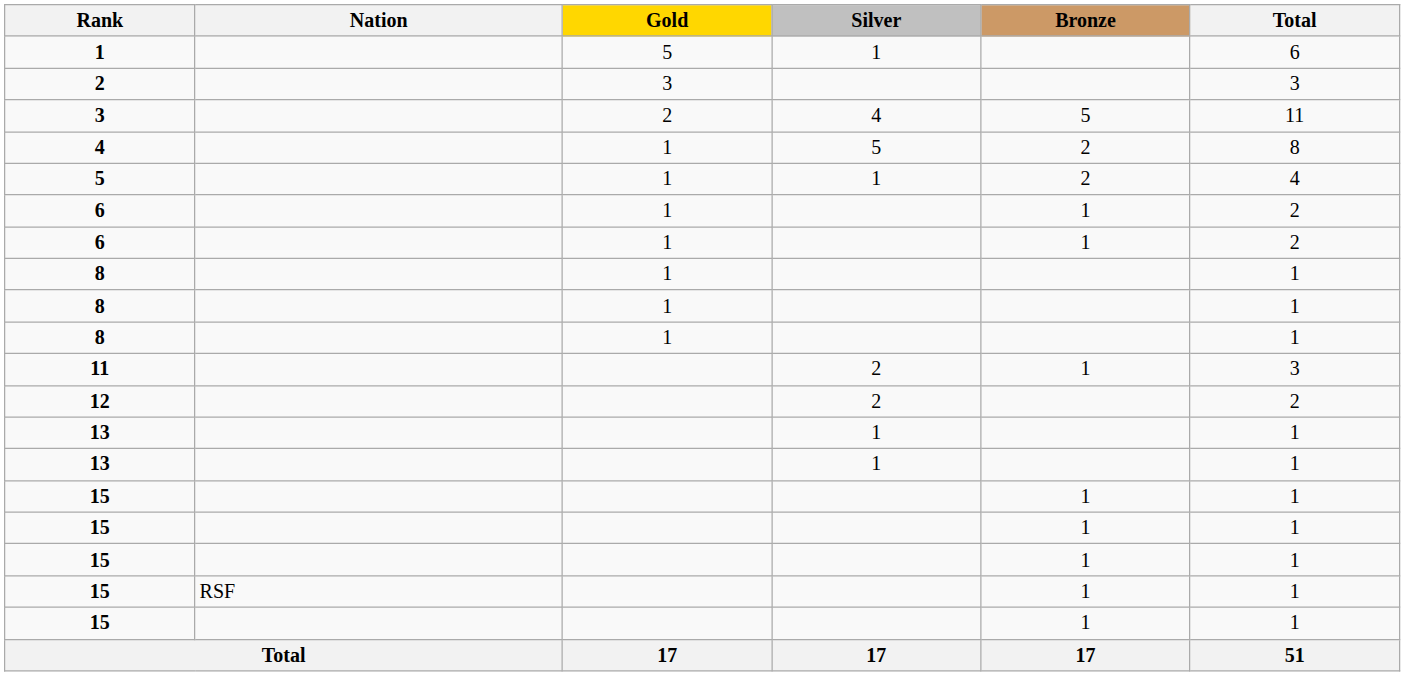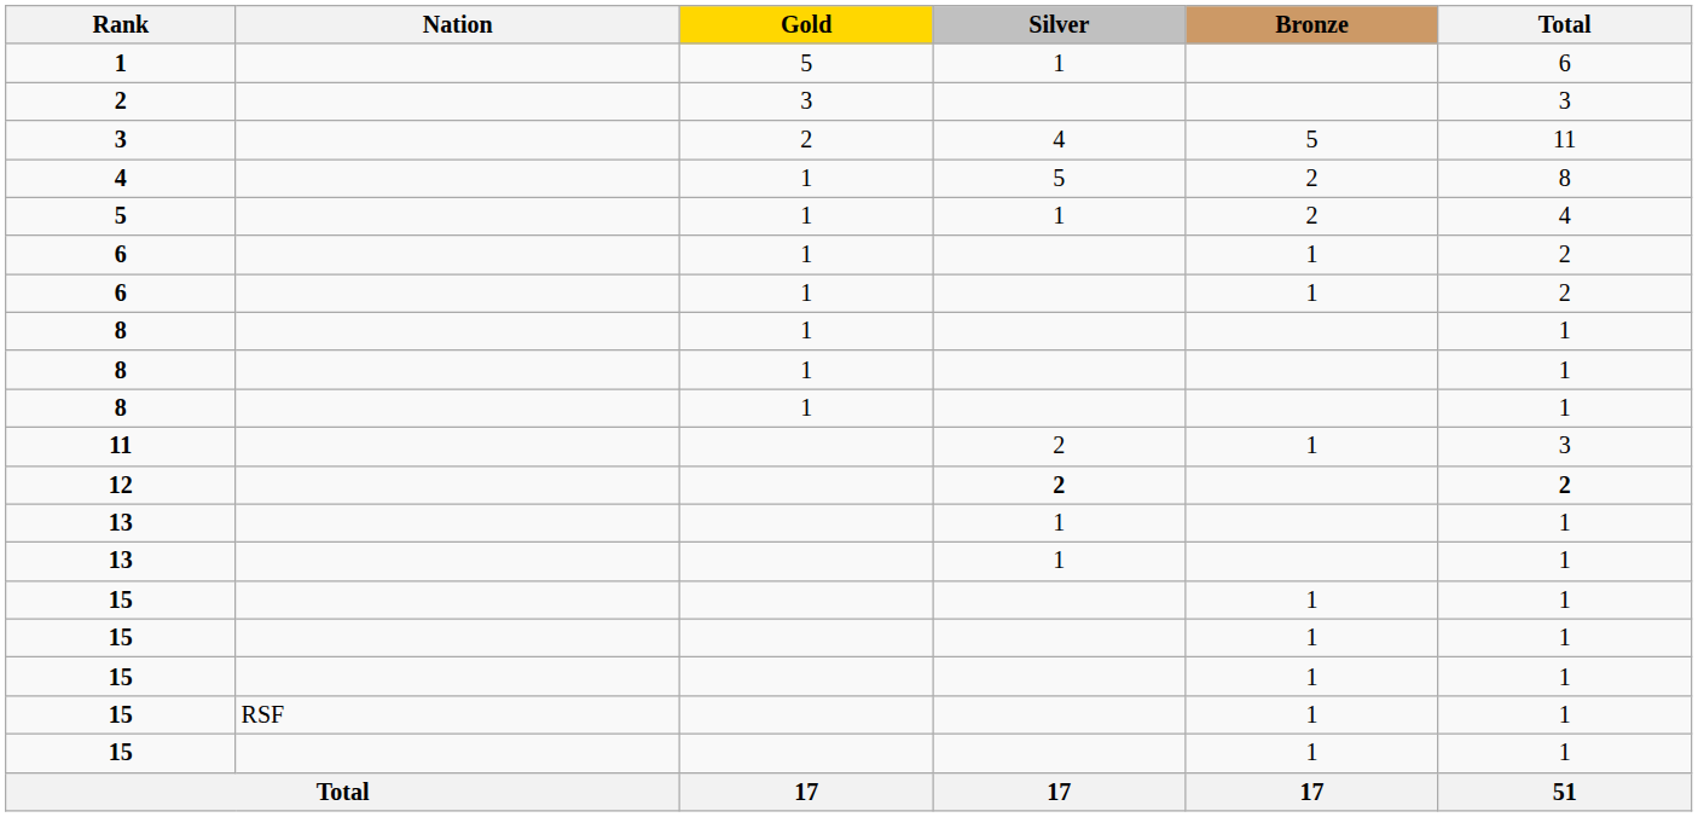 <table class="wikitable collapsible autocollapse plainrowheaders" width=70.5% style="text-align:center;">
 <tr style="background-color:#EDEDED;">
 <th width=100px class="hintergrundfarbe5">Rank</th>
 <th width=200px class="hintergrundfarbe6">Nation</th>
 <th style="background:    gold; width:15%">Gold</th>
 <th style="background:  silver; width:15%">Silver</th>
 <th style="background: #CC9966; width:15%">Bronze</th>
 <th class="hintergrundfarbe6" style="width:15%">Total</th>
 </tr>
 <tr>
 <td><strong>1</strong></td>
 <td align=left></td>
 <td>5</td>
 <td>1</td>
 <td></td>
 <td>6</td>
 </tr>
 <tr>
 <td><strong>2</strong></td>
 <td align=left></td>
 <td>3</td>
 <td></td>
 <td></td>
 <td>3</td>
 </tr>
 <tr>
 <td><strong>3</strong></td>
 <td align=left></td>
 <td>2</td>
 <td>4</td>
 <td>5</td>
 <td>11</td>
 </tr>
 <tr>
 <td><strong>4</strong></td>
 <td align=left></td>
 <td>1</td>
 <td>5</td>
 <td>2</td>
 <td>8</td>
 </tr>
 <tr>
 <td><strong>5</strong></td>
 <td align=left></td>
 <td>1</td>
 <td>1</td>
 <td>2</td>
 <td>4</td>
 </tr>
 <tr>
 <td><strong>6</strong></td>
 <td align=left></td>
 <td>1</td>
 <td></td>
 <td>1</td>
 <td>2</td>
 </tr>
 <tr>
 <td><strong>6</strong></td>
 <td align=left></td>
 <td>1</td>
 <td></td>
 <td>1</td>
 <td>2</td>
 </tr>
 <tr>
 <td><strong>8</strong></td>
 <td align=left></td>
 <td>1</td>
 <td></td>
 <td></td>
 <td>1</td>
 </tr>
 <tr>
 <td><strong>8</strong></td>
 <td align=left></td>
 <td>1</td>
 <td></td>
 <td></td>
 <td>1</td>
 </tr>
 <tr>
 <td><strong>8</strong></td>
 <td align=left></td>
 <td>1</td>
 <td></td>
 <td></td>
 <td>1</td>
 </tr>
 <tr>
 <td><strong>11</strong></td>
 <td align=left></td>
 <td></td>
 <td>2</td>
 <td>1</td>
 <td>3</td>
 </tr>
 <tr>
 <td><strong>12</strong></td>
 <td align=left></td>
 <td></td>
-<td>2</td>
+<td><strong>2</strong></td>
 <td></td>
-<td>2</td>
+<td><strong>2</strong></td>
 </tr>
 <tr>
 <td><strong>13</strong></td>
 <td align=left></td>
 <td></td>
 <td>1</td>
 <td></td>
 <td>1</td>
 </tr>
 <tr>
 <td><strong>13</strong></td>
 <td align=left></td>
 <td></td>
 <td>1</td>
 <td></td>
 <td>1</td>
 </tr>
 <tr>
 <td><strong>15</strong></td>
 <td align=left></td>
 <td></td>
 <td></td>
 <td>1</td>
 <td>1</td>
 </tr>
 <tr>
 <td><strong>15</strong></td>
 <td align=left></td>
 <td></td>
 <td></td>
 <td>1</td>
 <td>1</td>
 </tr>
 <tr>
 <td><strong>15</strong></td>
 <td align=left></td>
 <td></td>
 <td></td>
 <td>1</td>
 <td>1</td>
 </tr>
 <tr>
 <td><strong>15</strong></td>
 <td align=left>RSF</td>
 <td></td>
 <td></td>
 <td>1</td>
 <td>1</td>
 </tr>
 <tr>
 <td><strong>15</strong></td>
 <td align=left></td>
 <td></td>
 <td></td>
 <td>1</td>
 <td>1</td>
 </tr>
 <tr>
 <th colspan=2>Total</th>
 <th>17</th>
 <th>17</th>
 <th>17</th>
 <th>51</th>
 </tr>
 </table>
